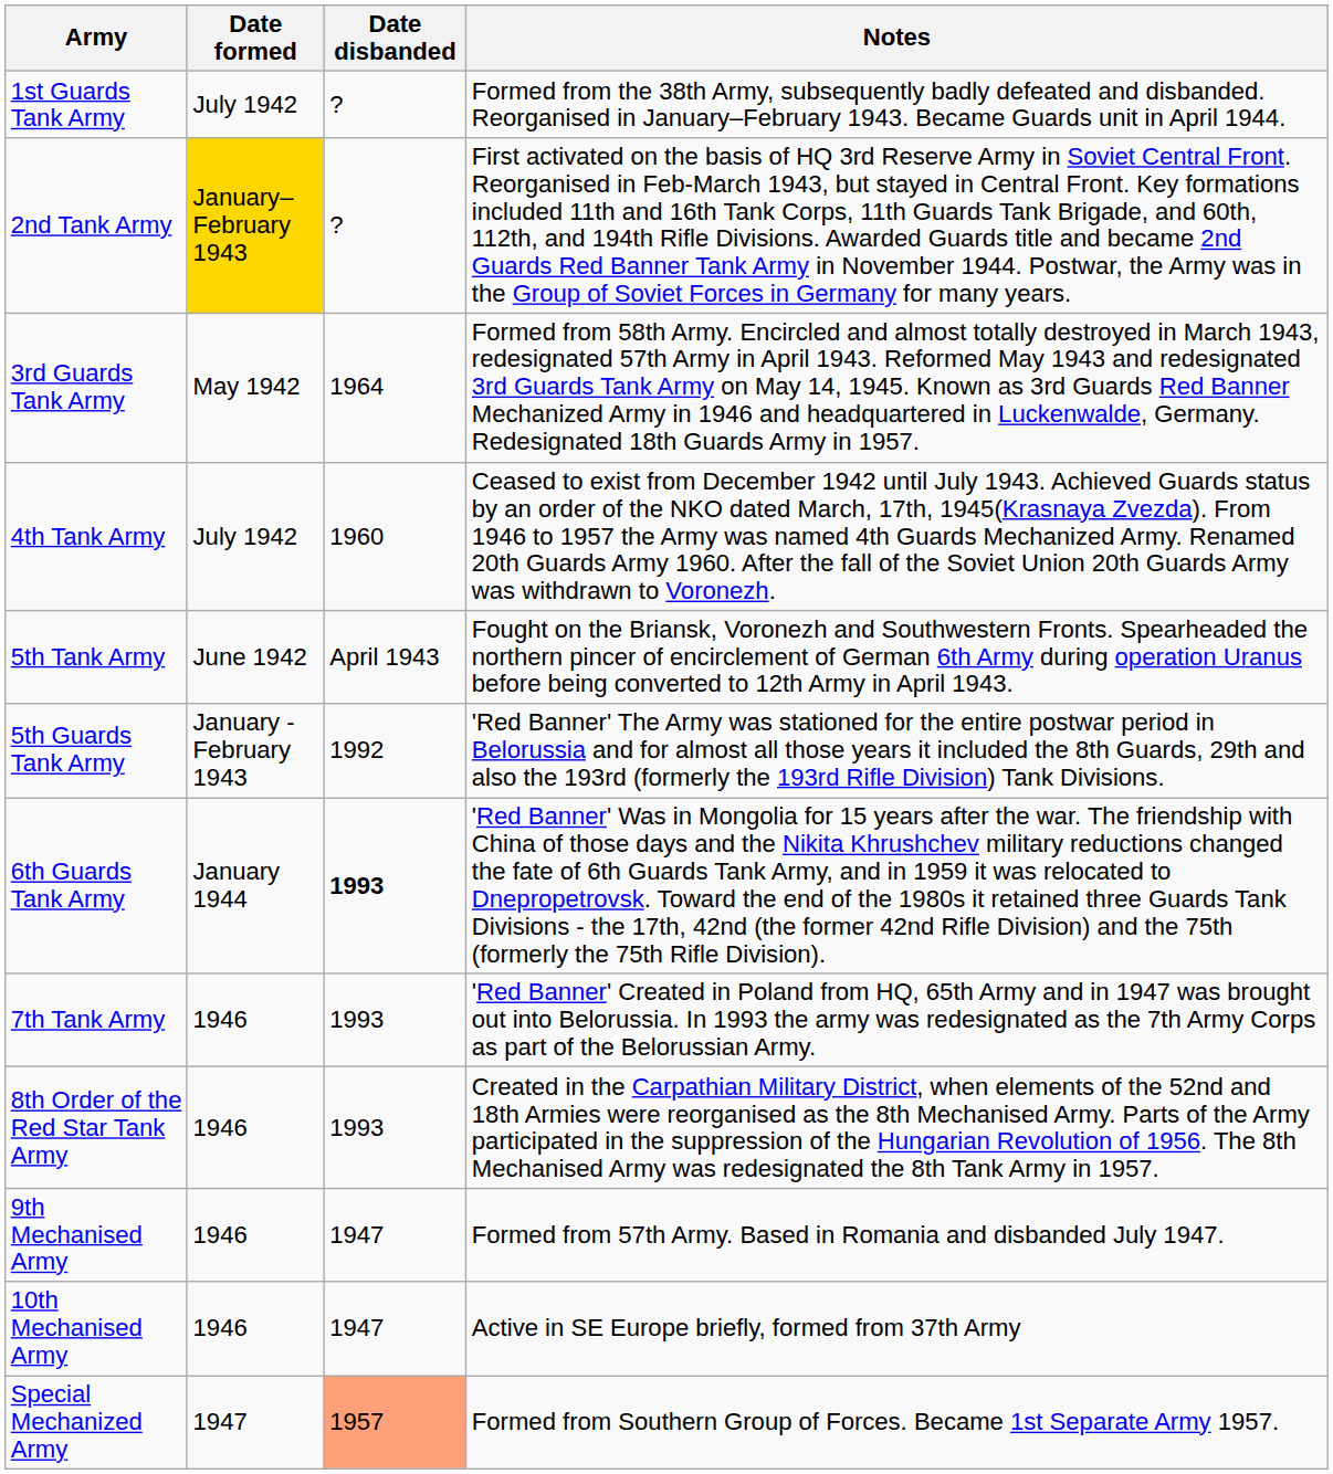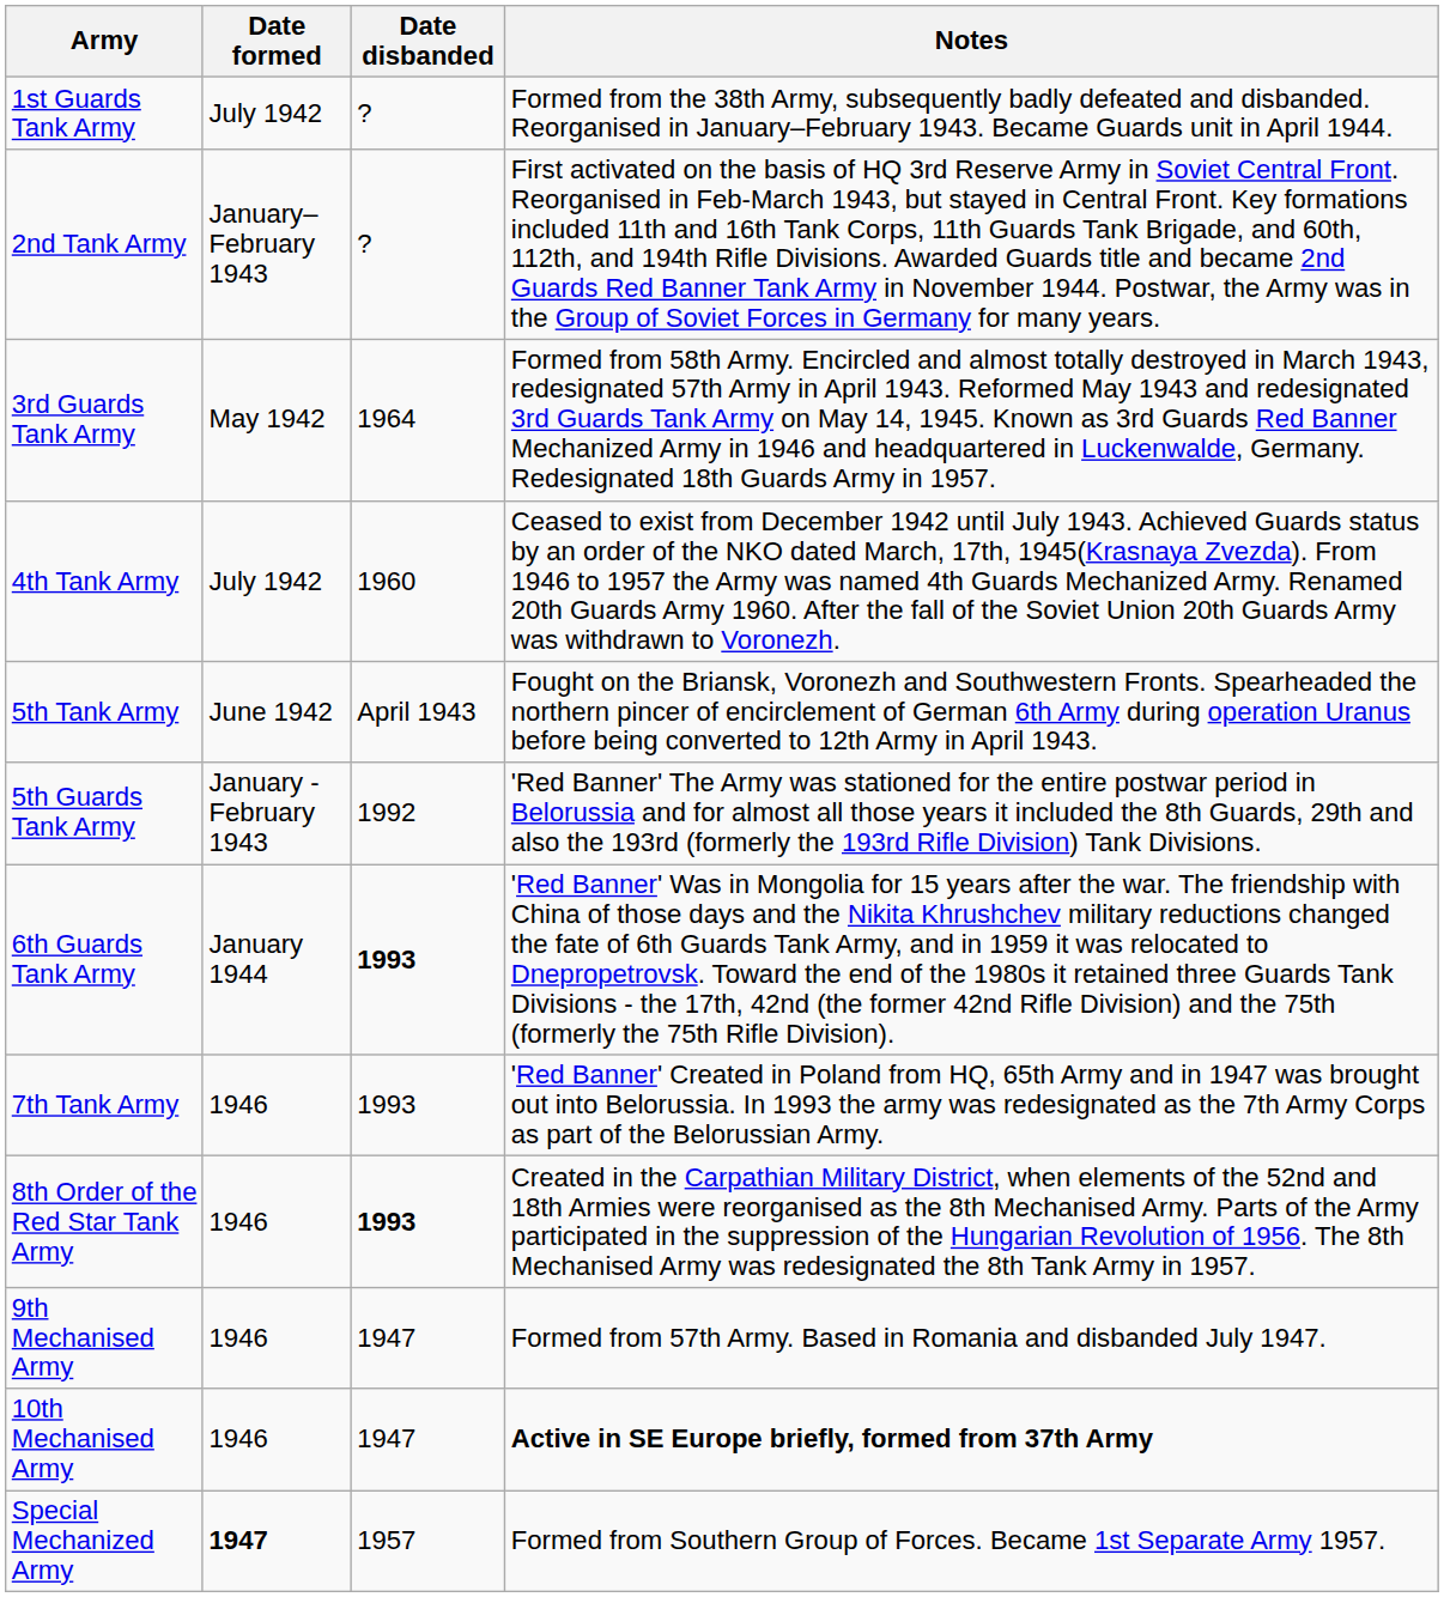 <table class="wikitable sortable">
 <tr>
 <th>Army</th>
 <th>Date formed</th>
 <th>Date disbanded</th>
 <th>Notes</th>
 </tr>
 <tr>
 <td><a href='#'>1st Guards Tank Army</a></td>
 <td>July 1942</td>
 <td>?</td>
 <td>Formed from the 38th Army, subsequently badly defeated and disbanded. Reorganised in January–February 1943.  Became Guards unit in April 1944.</td>
 </tr>
 <tr>
 <td><a href='#'>2nd Tank Army</a></td>
-<td style="background: gold;">January–February 1943</td>
+<td>January–February 1943</td>
 <td>?</td>
 <td>First activated on the basis of HQ 3rd Reserve Army in <a href='#'>Soviet Central Front</a>. Reorganised in Feb-March 1943, but stayed in Central Front. Key formations included 11th and 16th Tank Corps, 11th Guards Tank Brigade, and 60th, 112th, and 194th Rifle Divisions. Awarded Guards title and became <a href='#'>2nd Guards Red Banner Tank Army</a> in November 1944. Postwar, the Army was in the <a href='#'>Group of Soviet Forces in Germany</a> for many years.</td>
 </tr>
 <tr>
 <td><a href='#'>3rd Guards Tank Army</a></td>
 <td>May 1942</td>
 <td>1964</td>
 <td>Formed from 58th Army. Encircled and almost totally destroyed in March 1943, redesignated 57th Army in April 1943. Reformed May 1943 and redesignated <a href='#'>3rd Guards Tank Army</a> on May 14, 1945.  Known as 3rd Guards <a href='#'>Red Banner</a> Mechanized Army in 1946 and headquartered in <a href='#'>Luckenwalde</a>, Germany. Redesignated 18th Guards Army in 1957.</td>
 </tr>
 <tr>
 <td><a href='#'>4th Tank Army</a></td>
 <td>July 1942</td>
 <td>1960</td>
 <td>Ceased to exist from December 1942 until July 1943. Achieved Guards status by an order of the NKO dated March, 17th, 1945(<a href='#'>Krasnaya Zvezda</a>). From 1946 to 1957 the Army was named 4th Guards Mechanized Army. Renamed 20th Guards Army 1960. After the fall of the Soviet Union 20th Guards Army was withdrawn to <a href='#'>Voronezh</a>.</td>
 </tr>
 <tr>
 <td><a href='#'>5th Tank Army</a></td>
 <td>June 1942</td>
 <td>April 1943</td>
 <td>Fought on the Briansk, Voronezh and Southwestern Fronts. Spearheaded the northern pincer of encirclement of German <a href='#'>6th Army</a> during <a href='#'>operation Uranus</a> before being converted to 12th Army in April 1943.</td>
 </tr>
 <tr>
 <td><a href='#'>5th Guards Tank Army</a></td>
 <td>January - February 1943</td>
 <td>1992</td>
 <td>'Red Banner' The Army was stationed for the entire postwar period in <a href='#'>Belorussia</a> and for almost all those years it included the 8th Guards, 29th and also the 193rd (formerly the <a href='#'>193rd Rifle Division</a>) Tank Divisions.</td>
 </tr>
 <tr>
 <td><a href='#'>6th Guards Tank Army</a></td>
 <td>January 1944</td>
 <td><strong>1993</strong></td>
 <td>'<a href='#'>Red Banner</a>' Was in Mongolia for 15 years after the war. The friendship with China of those days and the <a href='#'>Nikita Khrushchev</a> military reductions changed the fate of 6th Guards Tank Army, and in 1959 it was relocated to <a href='#'>Dnepropetrovsk</a>. Toward the end of the 1980s it retained three Guards Tank Divisions - the 17th, 42nd (the former 42nd Rifle Division) and the 75th (formerly the 75th Rifle Division).</td>
 </tr>
 <tr>
 <td><a href='#'>7th Tank Army</a></td>
 <td>1946</td>
 <td>1993</td>
 <td>'<a href='#'>Red Banner</a>' Created in Poland from HQ, 65th Army and in 1947 was brought out into Belorussia. In 1993 the army was redesignated as the 7th Army Corps as part of the Belorussian Army.</td>
 </tr>
 <tr>
 <td><a href='#'>8th Order of the Red Star Tank Army</a></td>
 <td>1946</td>
-<td>1993</td>
+<td><strong>1993</strong></td>
 <td>Created in the <a href='#'>Carpathian Military District</a>, when elements of the 52nd and 18th Armies were reorganised as the 8th Mechanised Army. Parts of the Army participated in the suppression of the <a href='#'>Hungarian Revolution of 1956</a>. The 8th Mechanised Army was redesignated the 8th Tank Army in 1957.</td>
 </tr>
 <tr>
 <td><a href='#'>9th Mechanised Army</a></td>
 <td>1946</td>
 <td>1947</td>
 <td>Formed from 57th Army. Based in Romania and disbanded July 1947. </td>
 </tr>
 <tr>
 <td><a href='#'>10th Mechanised Army</a></td>
 <td>1946</td>
 <td>1947</td>
-<td>Active in SE Europe briefly, formed from 37th Army</td>
+<td><strong>Active in SE Europe briefly, formed from 37th Army</strong></td>
 </tr>
 <tr>
 <td><a href='#'>Special Mechanized Army</a></td>
-<td>1947</td>
-<td style="background: lightsalmon;">1957</td>
+<td><strong>1947</strong></td>
+<td>1957</td>
 <td>Formed from Southern Group of Forces. Became <a href='#'>1st Separate Army</a> 1957.</td>
 </tr>
 <tr>
 </tr>
 </table>
